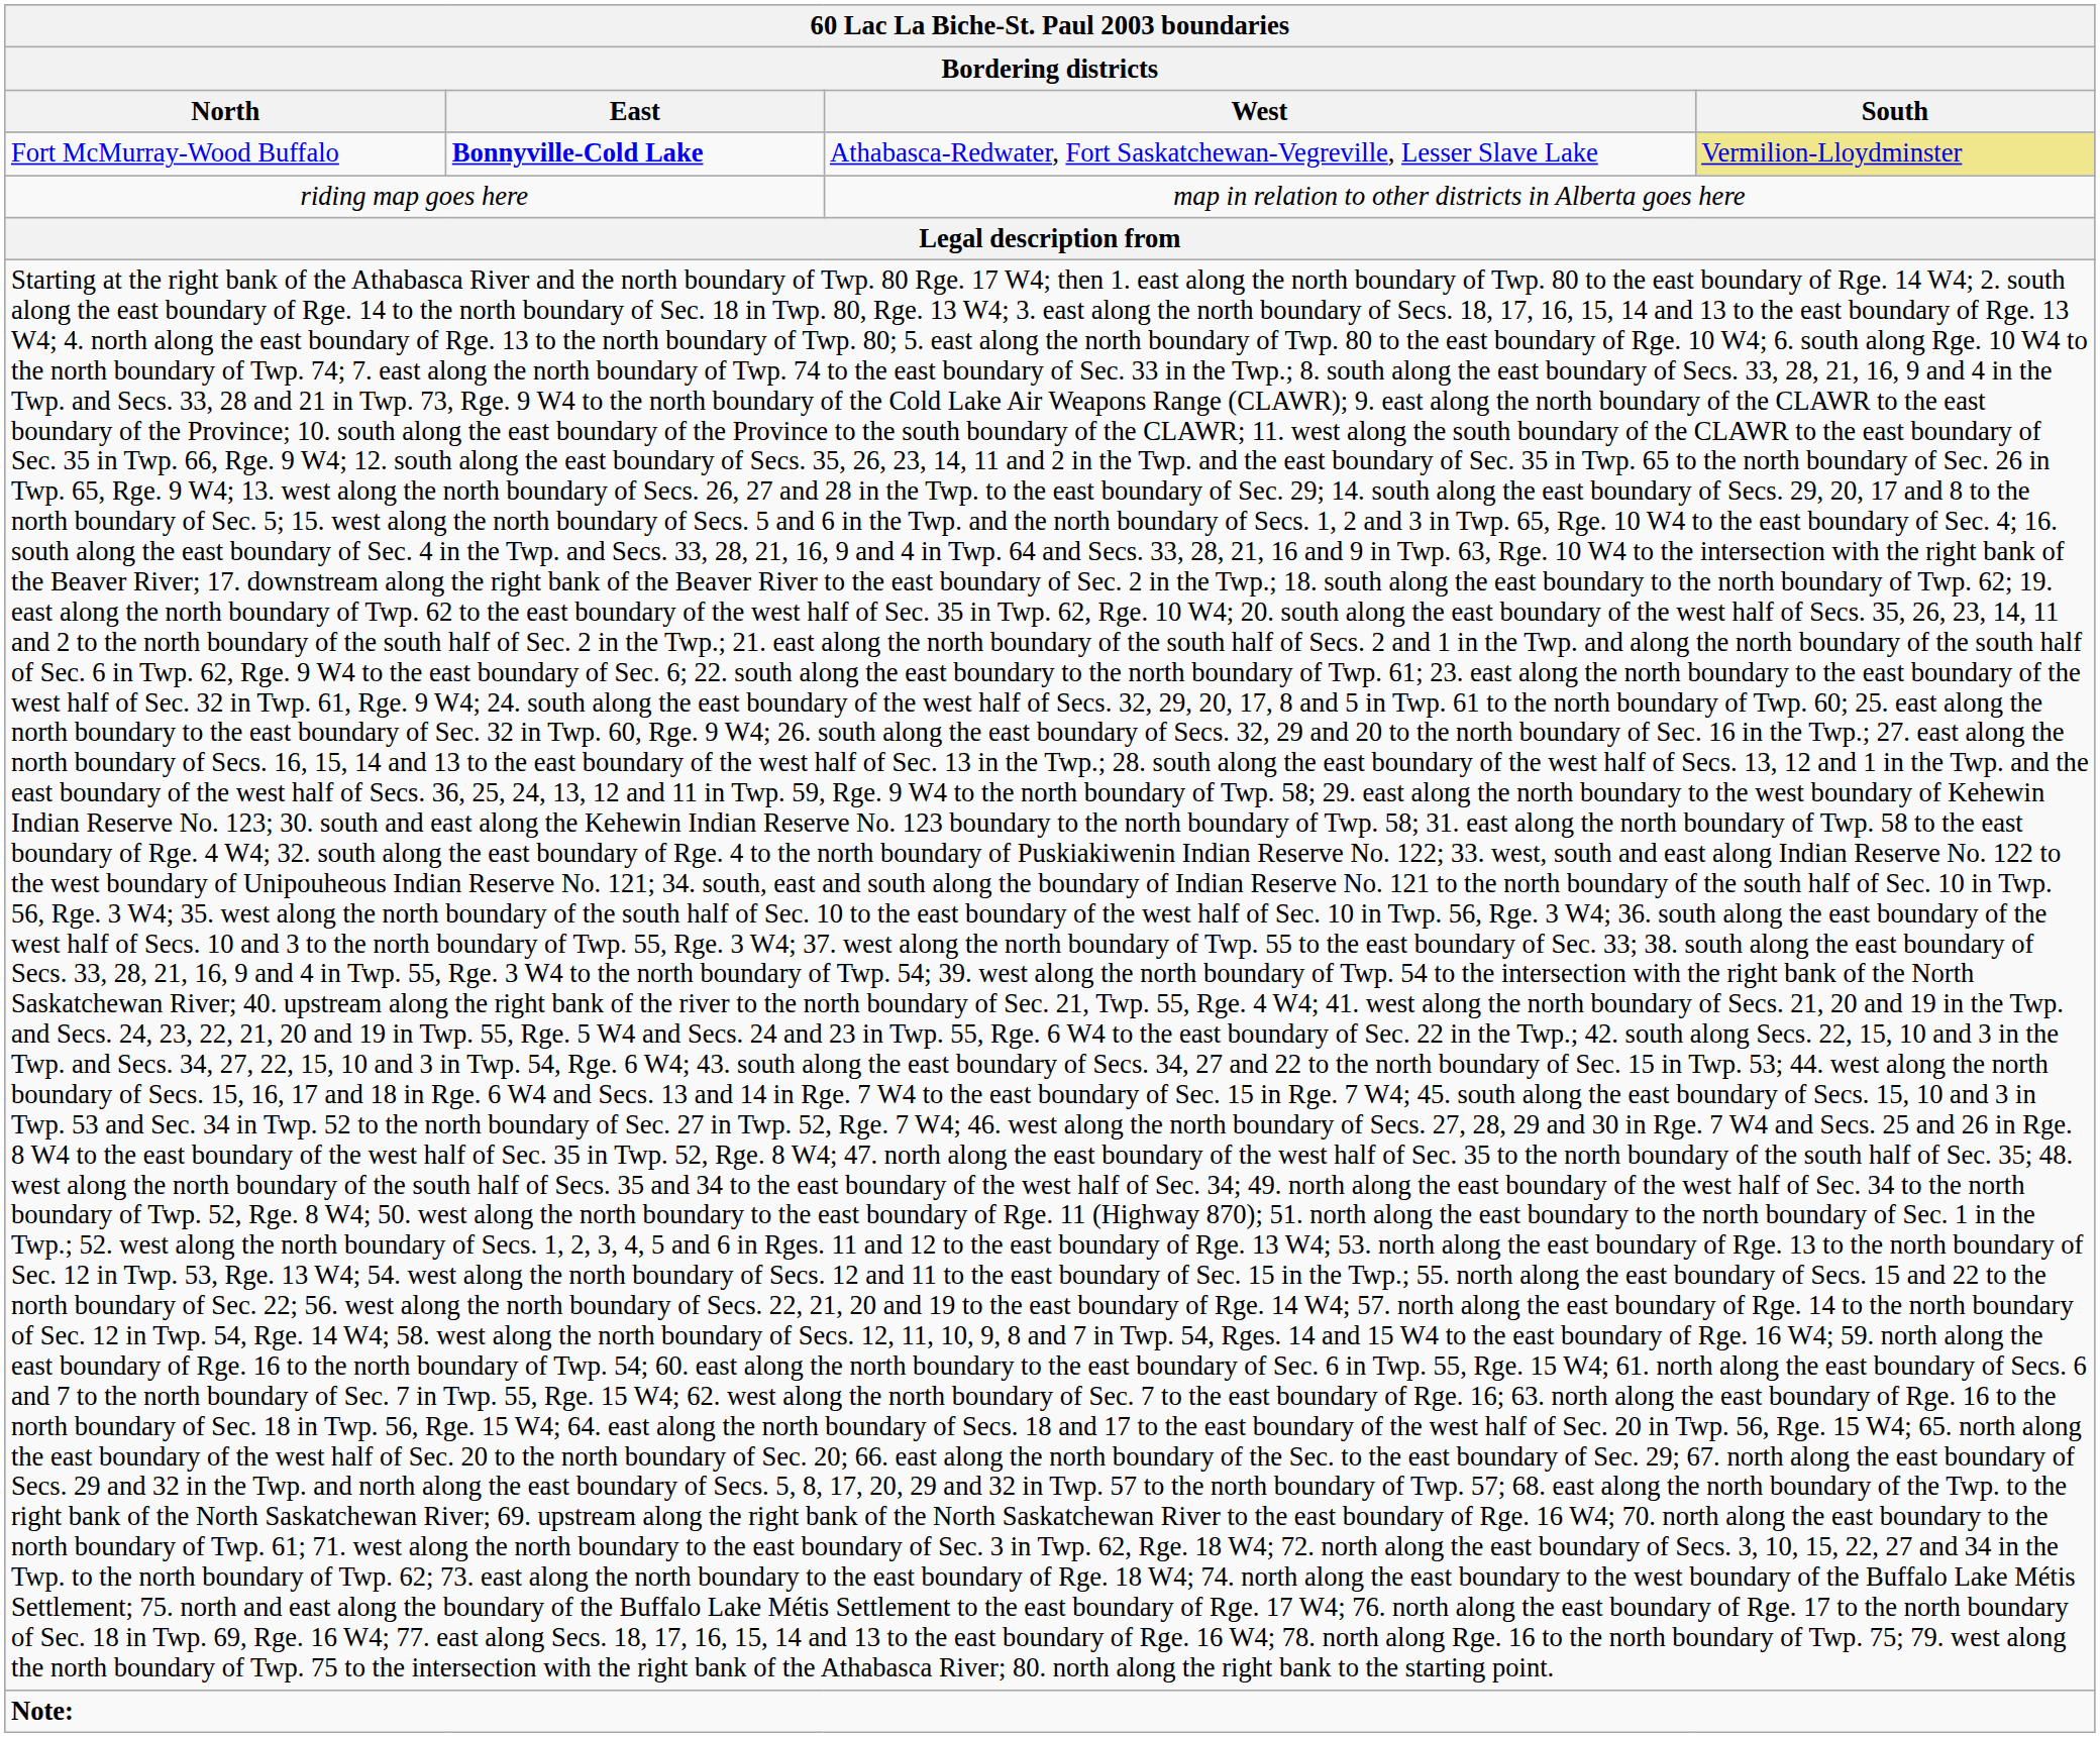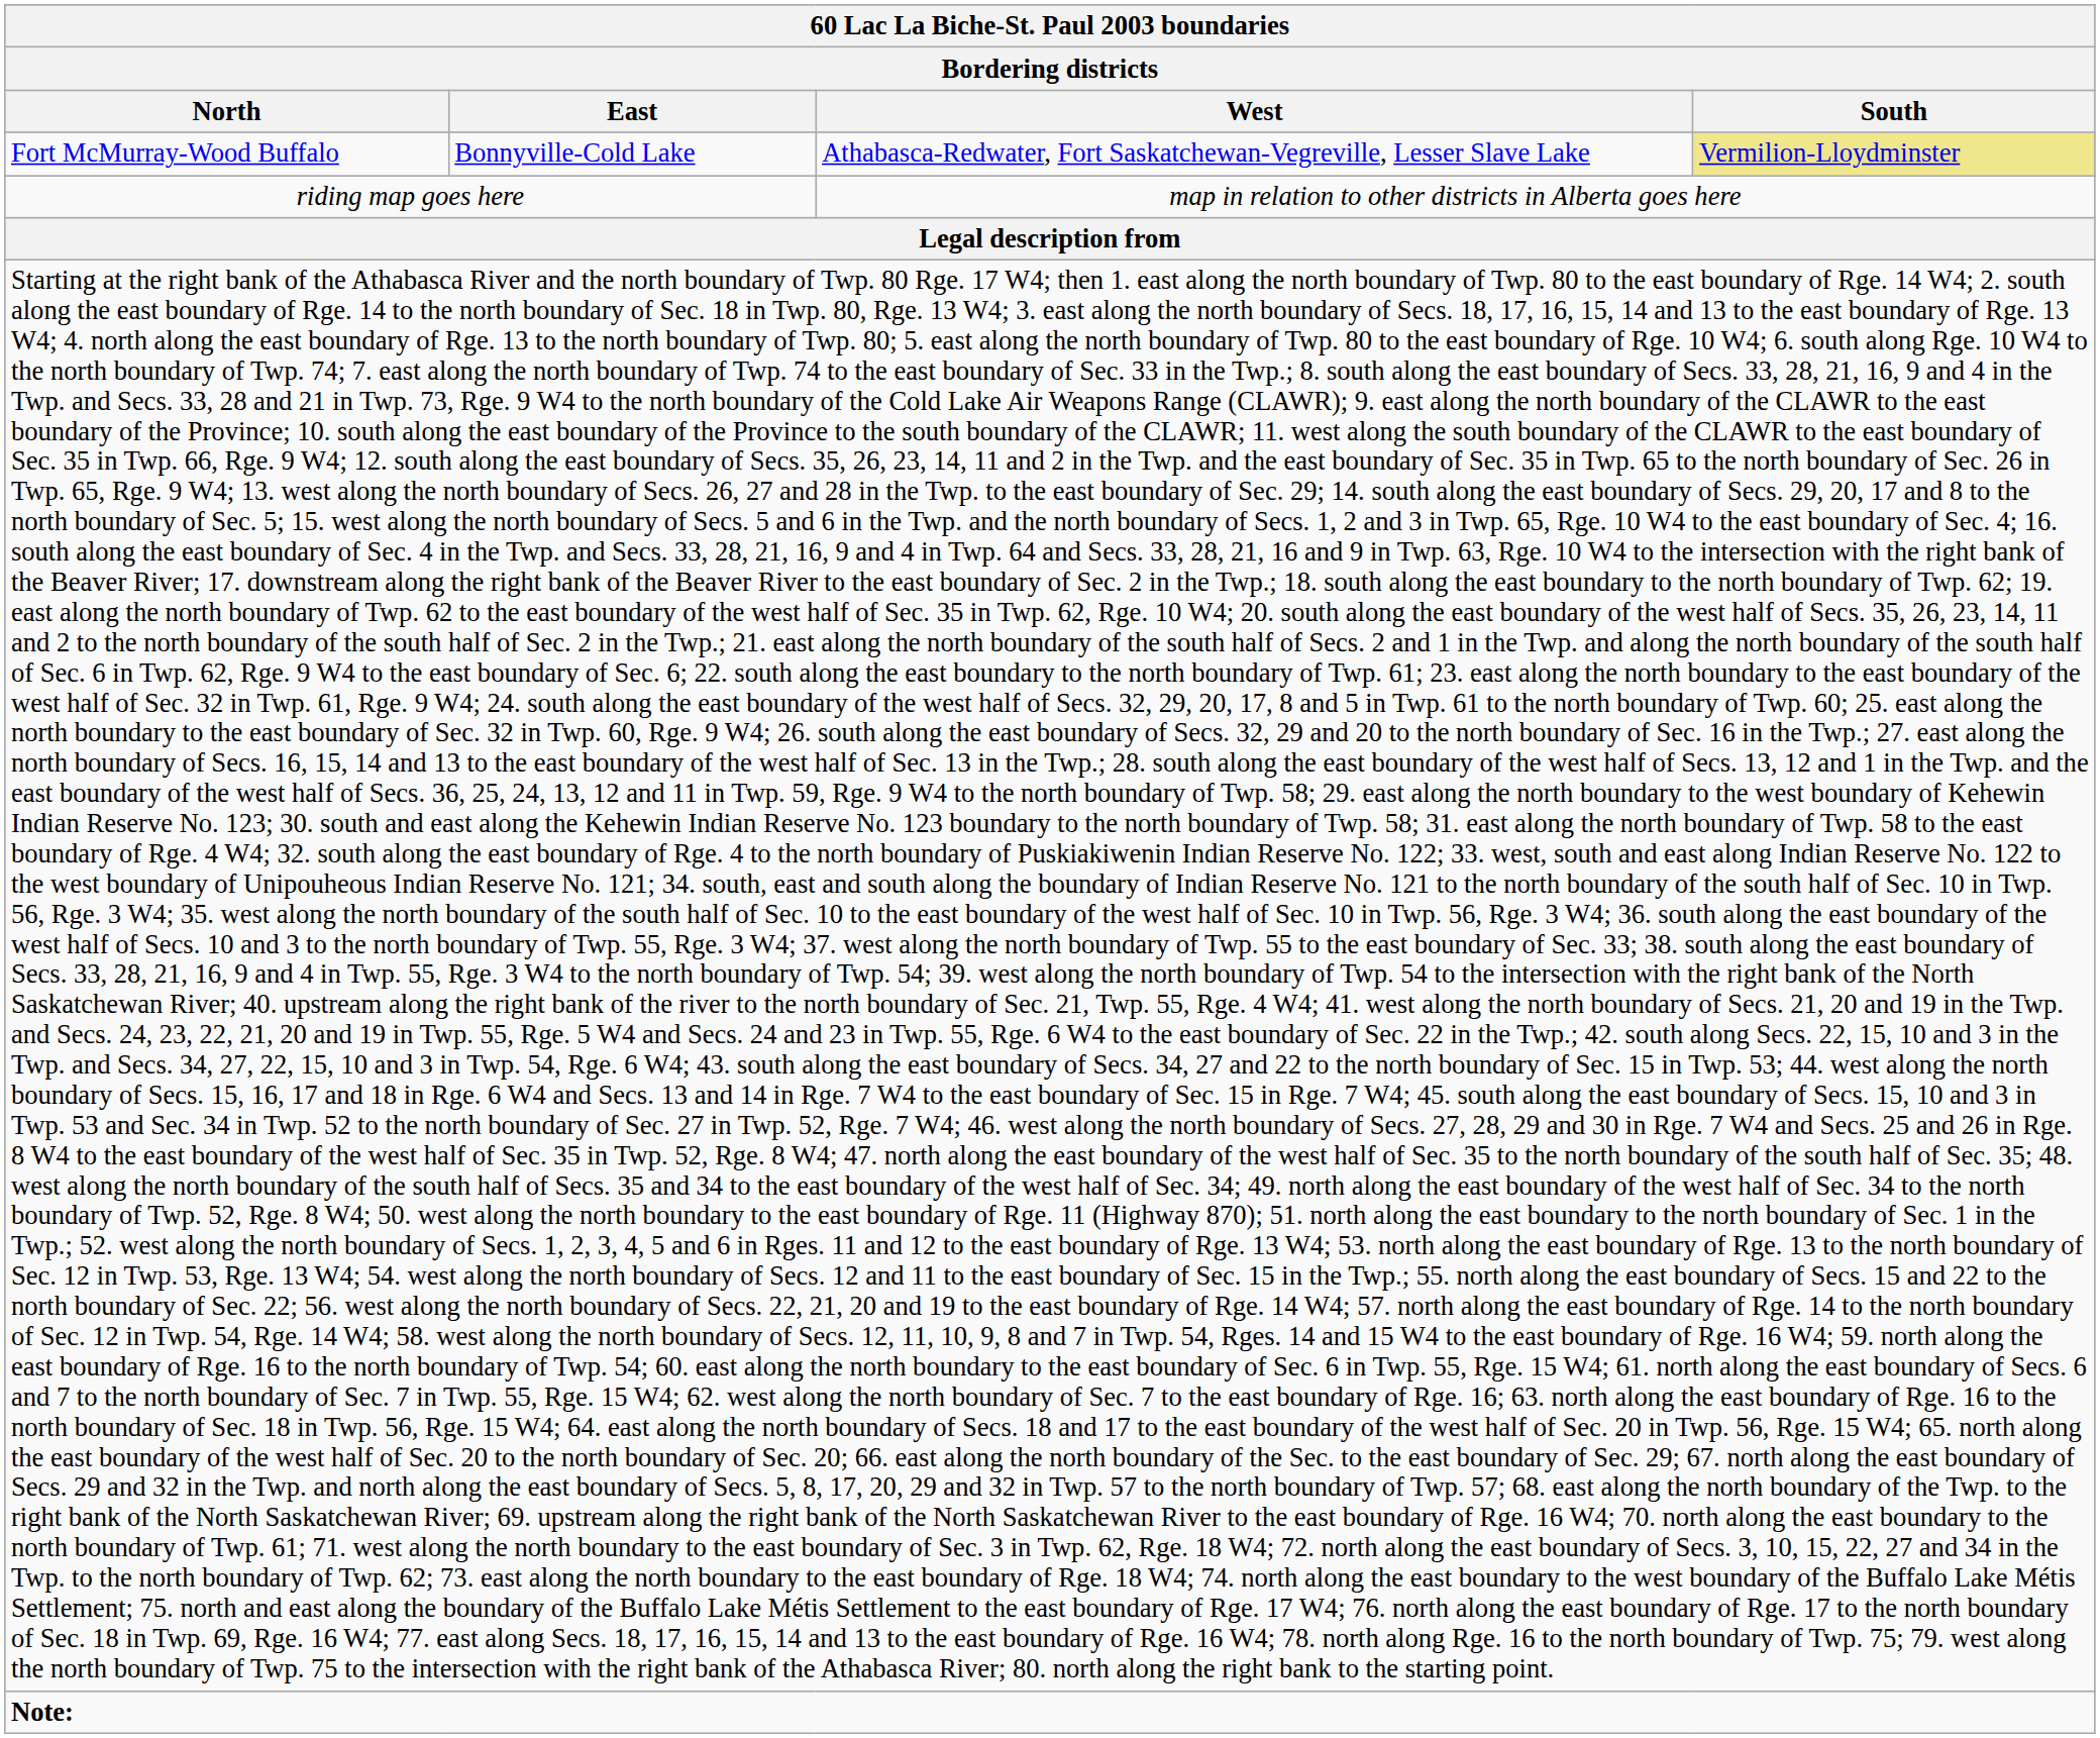 <table class="wikitable collapsible collapsed">
 <tr>
 <th colspan=4>60 Lac La Biche-St. Paul 2003 boundaries</th>
 </tr>
 <tr>
 <th colspan=4>Bordering districts</th>
 </tr>
 <tr>
 <th>North</th>
 <th>East</th>
 <th>West</th>
 <th>South</th>
 </tr>
 <tr>
 <td><a href='#'>Fort McMurray-Wood Buffalo</a></td>
-<td><strong><a href='#'>Bonnyville-Cold Lake</a></strong></td>
+<td><a href='#'>Bonnyville-Cold Lake</a></td>
 <td><a href='#'>Athabasca-Redwater</a>, <a href='#'>Fort Saskatchewan-Vegreville</a>, <a href='#'>Lesser Slave Lake</a></td>
 <td style="background: khaki;"><a href='#'>Vermilion-Lloydminster</a></td>
 </tr>
 <tr>
 <td colspan=2 align=center><em>riding map goes here</em></td>
 <td colspan=2 align=center><em>map in relation to other districts in Alberta goes here</em></td>
 </tr>
 <tr>
 <th colspan=4>Legal description from </th>
 </tr>
 <tr>
 <td colspan=4>Starting at the right bank of the Athabasca River and the north boundary of Twp. 80 Rge. 17 W4; then 1. east along the north boundary of Twp. 80 to the east boundary of Rge. 14 W4; 2. south along the east boundary of Rge. 14 to the north boundary of Sec. 18 in Twp. 80, Rge. 13 W4; 3. east along the north boundary of Secs. 18, 17, 16, 15, 14 and 13 to the east boundary of Rge. 13 W4; 4. north along the east boundary of Rge. 13 to the north boundary of Twp. 80; 5. east along the north boundary of Twp. 80 to the east boundary of Rge. 10 W4; 6. south along Rge. 10 W4 to the north boundary of Twp. 74; 7. east along the north boundary of Twp. 74 to the east boundary of Sec. 33 in the Twp.; 8. south along the east boundary of Secs. 33, 28, 21, 16, 9 and 4 in the Twp. and Secs. 33, 28 and 21 in Twp. 73, Rge. 9 W4 to the north boundary of the Cold Lake Air Weapons Range (CLAWR); 9. east along the north boundary of the CLAWR to the east boundary of the Province; 10. south along the east boundary of the Province to the south boundary of the CLAWR; 11. west along the south boundary of the CLAWR to the east boundary of Sec. 35 in Twp. 66, Rge. 9 W4; 12. south along the east boundary of Secs. 35, 26, 23, 14, 11 and 2 in the Twp. and the east boundary of Sec. 35 in Twp. 65 to the north boundary of Sec. 26 in Twp. 65, Rge. 9 W4; 13. west along the north boundary of Secs. 26, 27 and 28 in the Twp. to the east boundary of Sec. 29; 14. south along the east boundary of Secs. 29, 20, 17 and 8 to the north boundary of Sec. 5; 15. west along the north boundary of Secs. 5 and 6 in the Twp. and the north boundary of Secs. 1, 2 and 3 in Twp. 65, Rge. 10 W4 to the east boundary of Sec. 4; 16. south along the east boundary of Sec. 4 in the Twp. and Secs. 33, 28, 21, 16, 9 and 4 in Twp. 64 and Secs. 33, 28, 21, 16 and 9 in Twp. 63, Rge. 10 W4 to the intersection with the right bank of the Beaver River; 17. downstream along the right bank of the Beaver River to the east boundary of Sec. 2 in the Twp.; 18. south along the east boundary to the north boundary of Twp. 62; 19. east along the north boundary of Twp. 62 to the east boundary of the west half of Sec. 35 in Twp. 62, Rge. 10 W4; 20. south along the east boundary of the west half of Secs. 35, 26, 23, 14, 11 and 2 to the north boundary of the south half of Sec. 2 in the Twp.; 21. east along the north boundary of the south half of Secs. 2 and 1 in the Twp. and along the north boundary of the south half of Sec. 6 in Twp. 62, Rge. 9 W4 to the east boundary of Sec. 6; 22. south along the east boundary to the north boundary of Twp. 61; 23. east along the north boundary to the east boundary of the west half of Sec. 32 in Twp. 61, Rge. 9 W4; 24. south along the east boundary of the west half of Secs. 32, 29, 20, 17, 8 and 5 in Twp. 61 to the north boundary of Twp. 60; 25. east along the north boundary to the east boundary of Sec. 32 in Twp. 60, Rge. 9 W4; 26. south along the east boundary of Secs. 32, 29 and 20 to the north boundary of Sec. 16 in the Twp.; 27. east along the north boundary of Secs. 16, 15, 14 and 13 to the east boundary of the west half of Sec. 13 in the Twp.; 28. south along the east boundary of the west half of Secs. 13, 12 and 1 in the Twp. and the east boundary of the west half of Secs. 36, 25, 24, 13, 12 and 11 in Twp. 59, Rge. 9 W4 to the north boundary of Twp. 58; 29. east along the north boundary to the west boundary of Kehewin Indian Reserve No. 123; 30. south and east along the Kehewin Indian Reserve No. 123 boundary to the north boundary of Twp. 58; 31. east along the north boundary of Twp. 58 to the east boundary of Rge. 4 W4; 32. south along the east boundary of Rge. 4 to the north boundary of Puskiakiwenin Indian Reserve No. 122; 33. west, south and east along Indian Reserve No. 122 to the west boundary of Unipouheous Indian Reserve No. 121; 34. south, east and south along the boundary of Indian Reserve No. 121 to the north boundary of the south half of Sec. 10 in Twp. 56, Rge. 3 W4; 35. west along the north boundary of the south half of Sec. 10 to the east boundary of the west half of Sec. 10 in Twp. 56, Rge. 3 W4; 36. south along the east boundary of the west half of Secs. 10 and 3 to the north boundary of Twp. 55, Rge. 3 W4; 37. west along the north boundary of Twp. 55 to the east boundary of Sec. 33; 38. south along the east boundary of Secs. 33, 28, 21, 16, 9 and 4 in Twp. 55, Rge. 3 W4 to the north boundary of Twp. 54; 39. west along the north boundary of Twp. 54 to the intersection with the right bank of the North Saskatchewan River; 40. upstream along the right bank of the river to the north boundary of Sec. 21, Twp. 55, Rge. 4 W4; 41. west along the north boundary of Secs. 21, 20 and 19 in the Twp. and Secs. 24, 23, 22, 21, 20 and 19 in Twp. 55, Rge. 5 W4 and Secs. 24 and 23 in Twp. 55, Rge. 6 W4 to the east boundary of Sec. 22 in the Twp.; 42. south along Secs. 22, 15, 10 and 3 in the Twp. and Secs. 34, 27, 22, 15, 10 and 3 in Twp. 54, Rge. 6 W4; 43. south along the east boundary of Secs. 34, 27 and 22 to the north boundary of Sec. 15 in Twp. 53; 44. west along the north boundary of Secs. 15, 16, 17 and 18 in Rge. 6 W4 and Secs. 13 and 14 in Rge. 7 W4 to the east boundary of Sec. 15 in Rge. 7 W4; 45. south along the east boundary of Secs. 15, 10 and 3 in Twp. 53 and Sec. 34 in Twp. 52 to the north boundary of Sec. 27 in Twp. 52, Rge. 7 W4; 46. west along the north boundary of Secs. 27, 28, 29 and 30 in Rge. 7 W4 and Secs. 25 and 26 in Rge. 8 W4 to the east boundary of the west half of Sec. 35 in Twp. 52, Rge. 8 W4; 47. north along the east boundary of the west half of Sec. 35 to the north boundary of the south half of Sec. 35; 48. west along the north boundary of the south half of Secs. 35 and 34 to the east boundary of the west half of Sec. 34; 49. north along the east boundary of the west half of Sec. 34 to the north boundary of Twp. 52, Rge. 8 W4; 50. west along the north boundary to the east boundary of Rge. 11 (Highway 870); 51. north along the east boundary to the north boundary of Sec. 1 in the Twp.; 52. west along the north boundary of Secs. 1, 2, 3, 4, 5 and 6 in Rges. 11 and 12 to the east boundary of Rge. 13 W4; 53. north along the east boundary of Rge. 13 to the north boundary of Sec. 12 in Twp. 53, Rge. 13 W4; 54. west along the north boundary of Secs. 12 and 11 to the east boundary of Sec. 15 in the Twp.; 55. north along the east boundary of Secs. 15 and 22 to the north boundary of Sec. 22; 56. west along the north boundary of Secs. 22, 21, 20 and 19 to the east boundary of Rge. 14 W4; 57. north along the east boundary of Rge. 14 to the north boundary of Sec. 12 in Twp. 54, Rge. 14 W4; 58. west along the north boundary of Secs. 12, 11, 10, 9, 8 and 7 in Twp. 54, Rges. 14 and 15 W4 to the east boundary of Rge. 16 W4; 59. north along the east boundary of Rge. 16 to the north boundary of Twp. 54; 60. east along the north boundary to the east boundary of Sec. 6 in Twp. 55, Rge. 15 W4; 61. north along the east boundary of Secs. 6 and 7 to the north boundary of Sec. 7 in Twp. 55, Rge. 15 W4; 62. west along the north boundary of Sec. 7 to the east boundary of Rge. 16; 63. north along the east boundary of Rge. 16 to the north boundary of Sec. 18 in Twp. 56, Rge. 15 W4; 64. east along the north boundary of Secs. 18 and 17 to the east boundary of the west half of Sec. 20 in Twp. 56, Rge. 15 W4; 65. north along the east boundary of the west half of Sec. 20 to the north boundary of Sec. 20; 66. east along the north boundary of the Sec. to the east boundary of Sec. 29; 67. north along the east boundary of Secs. 29 and 32 in the Twp. and north along the east boundary of Secs. 5, 8, 17, 20, 29 and 32 in Twp. 57 to the north boundary of Twp. 57; 68. east along the north boundary of the Twp. to the right bank of the North Saskatchewan River; 69. upstream along the right bank of the North Saskatchewan River to the east boundary of Rge. 16 W4; 70. north along the east boundary to the north boundary of Twp. 61; 71. west along the north boundary to the east boundary of Sec. 3 in Twp. 62, Rge. 18 W4; 72. north along the east boundary of Secs. 3, 10, 15, 22, 27 and 34 in the Twp. to the north boundary of Twp. 62; 73. east along the north boundary to the east boundary of Rge. 18 W4; 74. north along the east boundary to the west boundary of the Buffalo Lake Métis Settlement; 75. north and east along the boundary of the Buffalo Lake Métis Settlement to the east boundary of Rge. 17 W4; 76. north along the east boundary of Rge. 17 to the north boundary of Sec. 18 in Twp. 69, Rge. 16 W4; 77. east along Secs. 18, 17, 16, 15, 14 and 13 to the east boundary of Rge. 16 W4; 78. north along Rge. 16 to the north boundary of Twp. 75; 79. west along the north boundary of Twp. 75 to the intersection with the right bank of the Athabasca River; 80. north along the right bank to the starting point.</td>
 </tr>
 <tr>
 <td colspan=4><strong>Note:</strong></td>
 </tr>
 </table>
